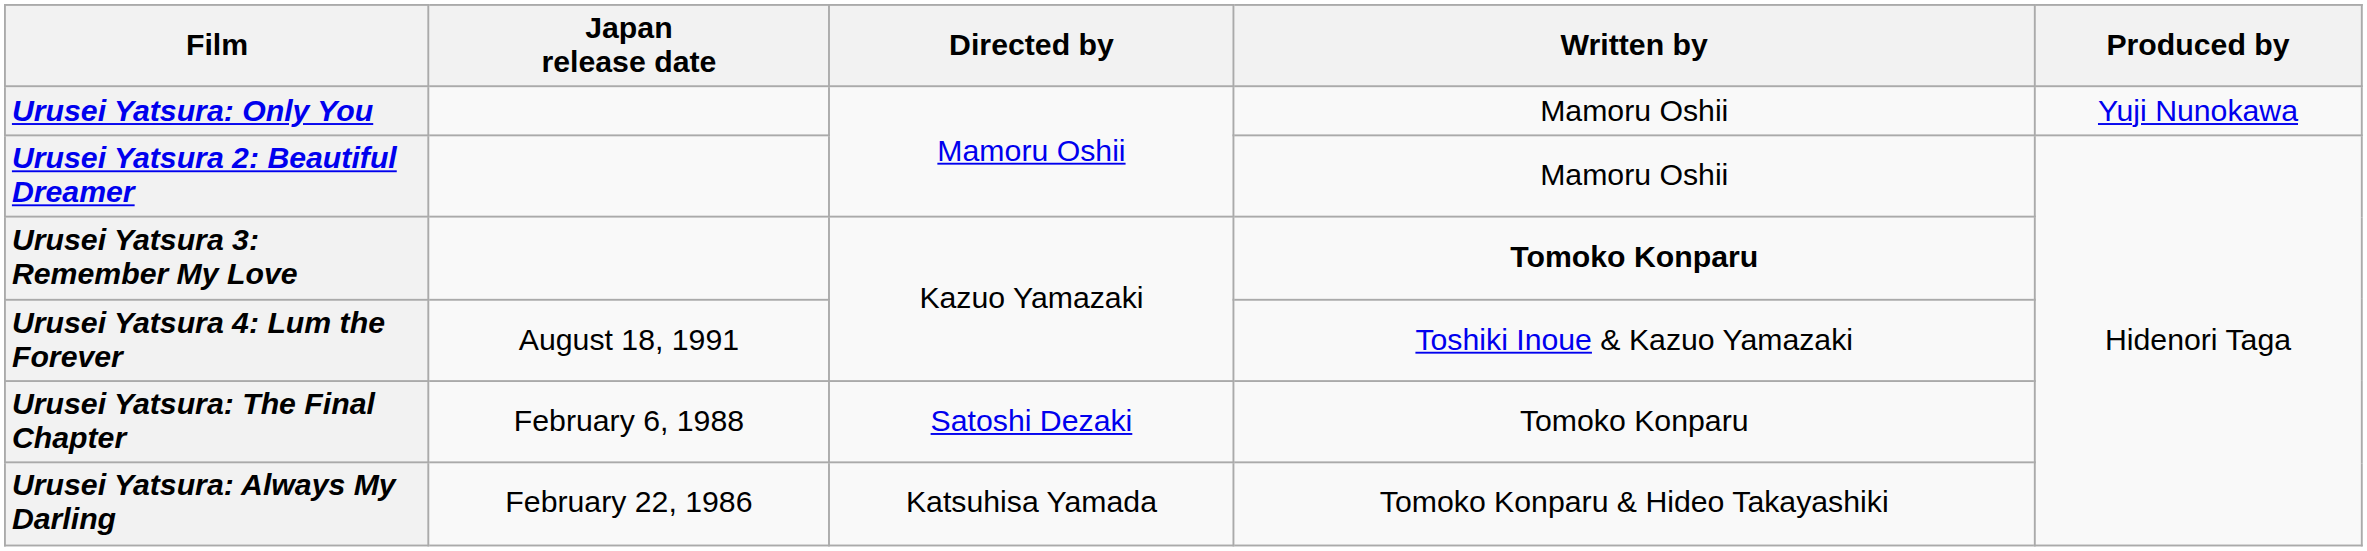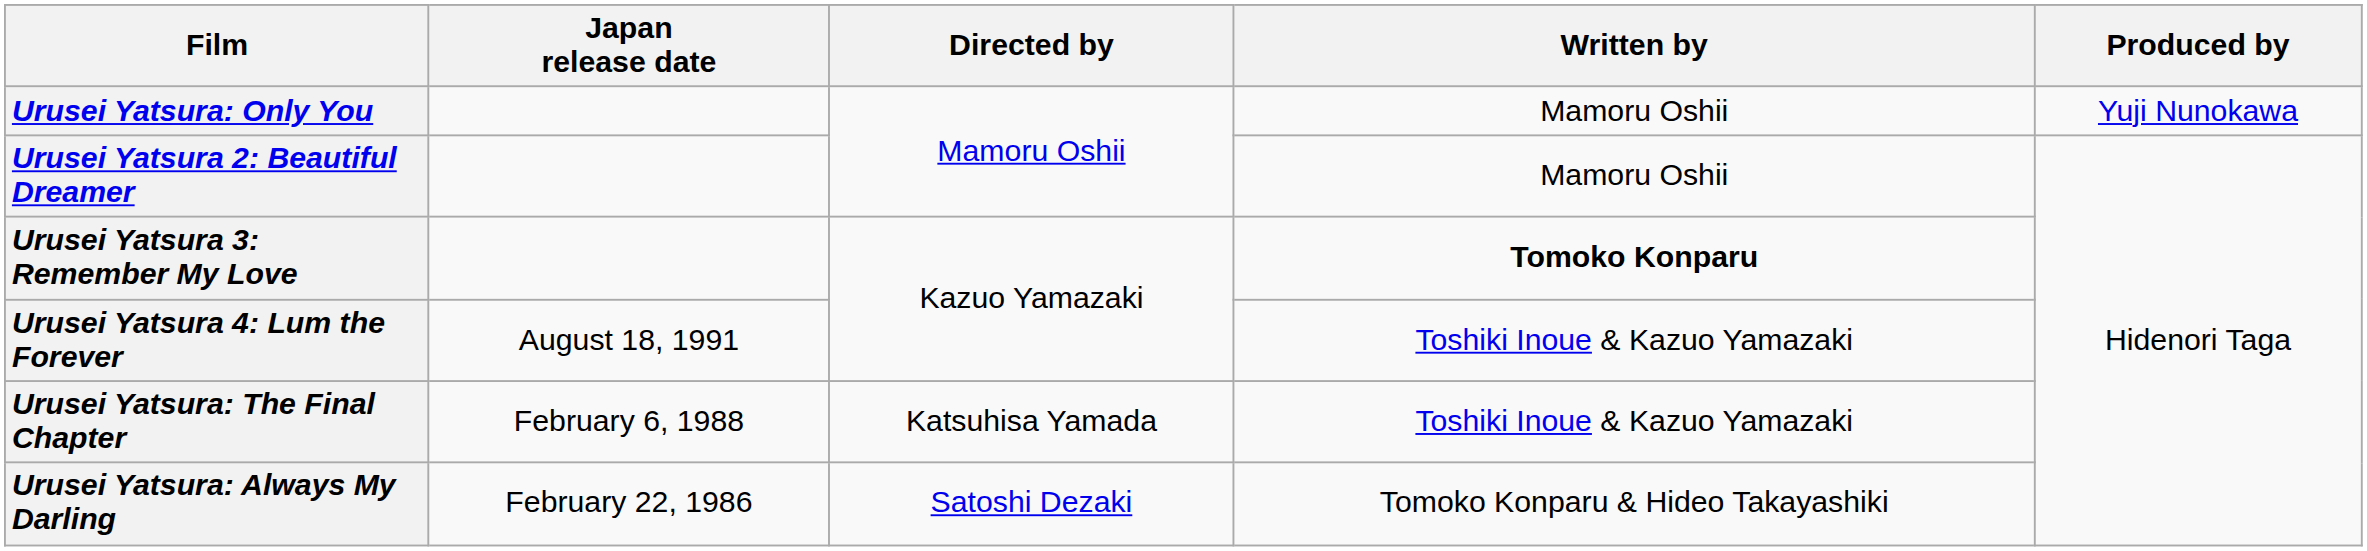 <table class="wikitable" style="text-align:center; width=99%">
 <tr>
 <th scope="col" style="width:18%;">Film</th>
 <th scope="col">Japan <br>release date</th>
 <th scope="col">Directed by</th>
 <th scope="col">Written by</th>
 <th scope="col">Produced by</th>
 </tr>
 <tr>
 <th scope="row" style="text-align:left"><em><a href='#'>Urusei Yatsura: Only You</a></em></th>
 <td style="text-align:center"></td>
 <td rowspan="2"><a href='#'>Mamoru Oshii</a></td>
 <td>Mamoru Oshii</td>
 <td><a href='#'>Yuji Nunokawa</a></td>
 </tr>
 <tr>
 <th scope="row" style="text-align:left"><em><a href='#'>Urusei Yatsura 2: Beautiful Dreamer</a></em></th>
 <td></td>
 <td>Mamoru Oshii</td>
 <td rowspan="5">Hidenori Taga</td>
 </tr>
 <tr>
 <th scope="row" style="text-align:left"><em>Urusei Yatsura 3: Remember My Love</em></th>
 <td></td>
 <td rowspan="2">Kazuo Yamazaki</td>
 <td><strong>Tomoko Konparu</strong></td>
 </tr>
 <tr>
 <th scope="row" style="text-align:left"><em>Urusei Yatsura 4: Lum the Forever</em></th>
 <td>August 18, 1991</td>
 <td><a href='#'>Toshiki Inoue</a> & Kazuo Yamazaki</td>
 </tr>
 <tr>
 <th scope="row" style="text-align:left"><em>Urusei Yatsura: The Final Chapter</em></th>
 <td>February 6, 1988</td>
-<td><a href='#'>Satoshi Dezaki</a></td>
-<td>Tomoko Konparu</td>
+<td>Katsuhisa Yamada</td>
+<td><a href='#'>Toshiki Inoue</a> & Kazuo Yamazaki</td>
 </tr>
 <tr>
 <th scope="row" style="text-align:left"><em>Urusei Yatsura: Always My Darling</em></th>
 <td>February 22, 1986</td>
-<td>Katsuhisa Yamada</td>
+<td><a href='#'>Satoshi Dezaki</a></td>
 <td>Tomoko Konparu & Hideo Takayashiki</td>
 </tr>
 </table>
